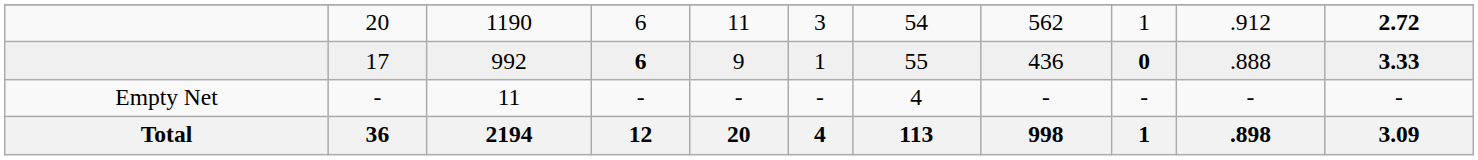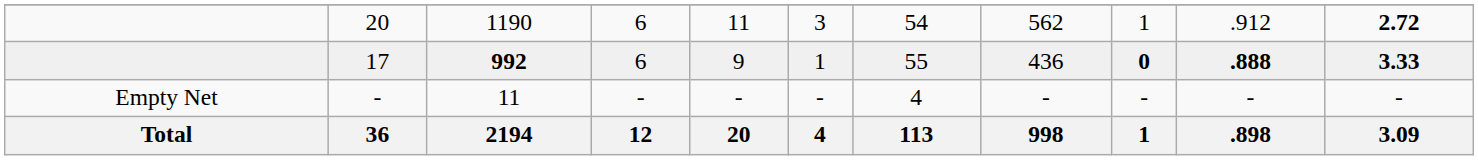 <table class="wikitable sortable" width ="1000">
 <tr align="center">
 </tr>
 <tr align="center" bgcolor="">
 <td></td>
 <td>20</td>
 <td>1190</td>
 <td>6</td>
 <td>11</td>
 <td>3</td>
 <td>54</td>
 <td>562</td>
 <td>1</td>
 <td>.912</td>
 <td><strong>2.72</strong></td>
 </tr>
 <tr align="center" bgcolor="f0f0f0">
 <td></td>
 <td>17</td>
-<td>992</td>
-<td><strong>6</strong></td>
+<td><strong>992</strong></td>
+<td>6</td>
 <td>9</td>
 <td>1</td>
 <td>55</td>
 <td>436</td>
 <td><strong>0</strong></td>
-<td>.888</td>
+<td><strong>.888</strong></td>
 <td><strong>3.33</strong></td>
 </tr>
 <tr align="center" bgcolor="">
 <td>Empty Net</td>
 <td>-</td>
 <td>11</td>
 <td>-</td>
 <td>-</td>
 <td>-</td>
 <td>4</td>
 <td>-</td>
 <td>-</td>
 <td>-</td>
 <td>-</td>
 </tr>
 <tr>
 <th>Total</th>
 <th>36</th>
 <th>2194</th>
 <th>12</th>
 <th>20</th>
 <th>4</th>
 <th>113</th>
 <th>998</th>
 <th>1</th>
 <th>.898</th>
 <th>3.09</th>
 </tr>
 </table>
